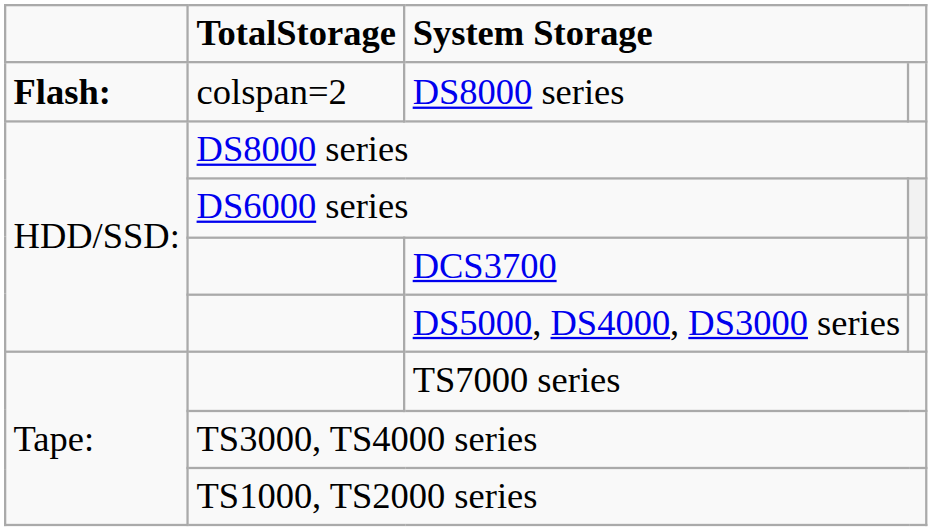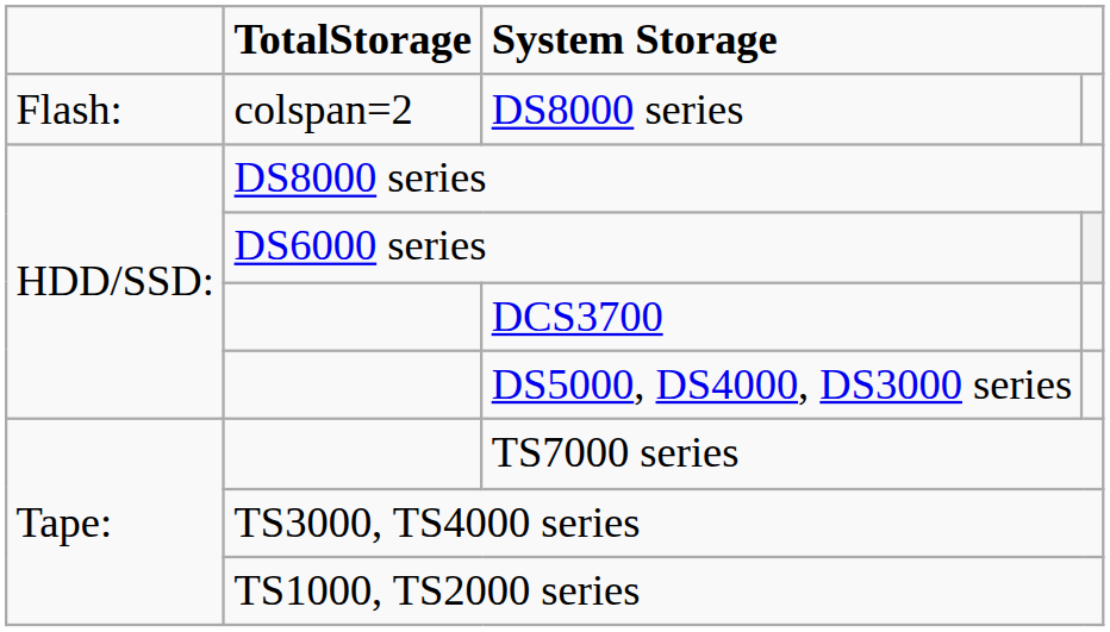 <table class="wikitable" style="text-align: ">
 <tr>
 <td></td>
 <td><strong>TotalStorage</strong></td>
 <td colspan=2><strong>System Storage</strong></td>
 </tr>
 <tr>
-<td><strong>Flash:</strong></td>
+<td>Flash:</td>
 <td>colspan=2 </td>
 <td><a href='#'>DS8000</a> series</td>
 </tr>
 <tr>
 <td rowspan=4>HDD/SSD:</td>
 <td colspan=3><a href='#'>DS8000</a> series</td>
 </tr>
 <tr>
 <td colspan=2><a href='#'>DS6000</a> series</td>
 <th></th>
 </tr>
 <tr>
 <td></td>
 <td><a href='#'>DCS3700</a></td>
 <td></td>
 </tr>
 <tr>
 <td></td>
 <td><a href='#'>DS5000</a>, <a href='#'>DS4000</a>, <a href='#'>DS3000</a> series</td>
 <td></td>
 </tr>
 <tr>
 <td rowspan=3>Tape:</td>
 <td></td>
 <td colspan=2>TS7000 series</td>
 </tr>
 <tr>
 <td colspan=3>TS3000, TS4000 series</td>
 </tr>
 <tr>
 <td colspan=3>TS1000, TS2000 series</td>
 </tr>
 </table>
